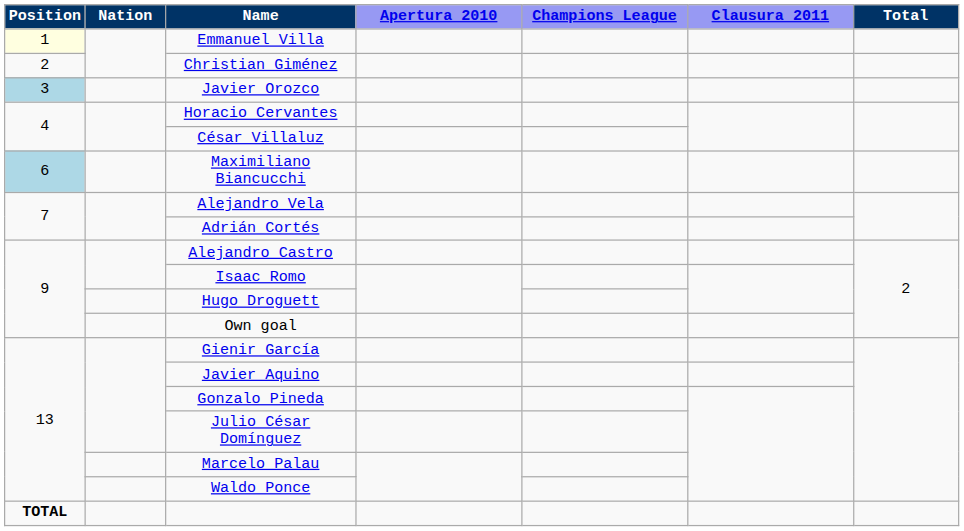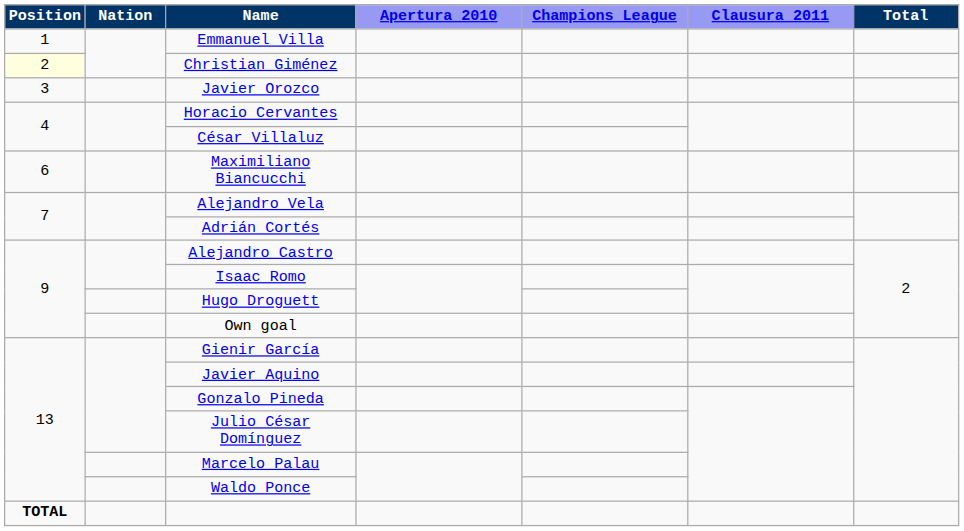 <table class="wikitable" style="font-size: 95%; text-align: center;">
 <tr>
 <th width=60 style="background: #003366;color:white">Position</th>
 <th width=60 style="background: #003366;color:white">Nation</th>
 <th width=150 style="background: #003366;color:white">Name</th>
 <th width=130 style="background: #9799F3;color:white"><a href='#'>Apertura 2010</a> <br> </th>
 <th width=130 style="background: #9799F3;color:white"><a href='#'>Champions League</a> <br> </th>
 <th width=130 style="background: #9799F3;color:white"><a href='#'>Clausura 2011</a> <br> </th>
 <th width=80 style="background: #003366;color:white">Total <br> </th>
 </tr>
 <tr>
-<td style="background: lightyellow;">1</td>
+<td>1</td>
 <td rowspan="2"></td>
 <td><a href='#'>Emmanuel Villa</a></td>
 <td></td>
 <td></td>
 <td></td>
 <td></td>
 </tr>
 <tr>
-<td>2</td>
+<td style="background: lightyellow;">2</td>
 <td><a href='#'>Christian Giménez</a></td>
 <td></td>
 <td></td>
 <td></td>
 <td></td>
 </tr>
 <tr>
-<td style="background: lightblue;">3</td>
+<td>3</td>
 <td></td>
 <td><a href='#'>Javier Orozco</a></td>
 <td></td>
 <td></td>
 <td></td>
 <td></td>
 </tr>
 <tr>
 <td rowspan="2">4</td>
 <td rowspan="2"></td>
 <td><a href='#'>Horacio Cervantes</a></td>
 <td></td>
 <td></td>
 <td rowspan="2"></td>
 <td rowspan="2"></td>
 </tr>
 <tr>
 <td><a href='#'>César Villaluz</a></td>
 <td></td>
 <td></td>
 </tr>
 <tr>
-<td style="background: lightblue;">6</td>
+<td>6</td>
 <td></td>
 <td><a href='#'>Maximiliano Biancucchi</a></td>
 <td></td>
 <td></td>
 <td></td>
 <td></td>
 </tr>
 <tr>
 <td rowspan="2">7</td>
 <td rowspan="2"></td>
 <td><a href='#'>Alejandro Vela</a></td>
 <td></td>
 <td></td>
 <td></td>
 <td rowspan="2"></td>
 </tr>
 <tr>
 <td><a href='#'>Adrián Cortés</a></td>
 <td></td>
 <td></td>
 <td></td>
 </tr>
 <tr>
 <td rowspan="4">9</td>
 <td rowspan="2"></td>
 <td><a href='#'>Alejandro Castro</a></td>
 <td></td>
 <td></td>
 <td></td>
 <td rowspan="4">2</td>
 </tr>
 <tr>
 <td><a href='#'>Isaac Romo</a></td>
 <td rowspan="2"></td>
 <td></td>
 <td rowspan="2"></td>
 </tr>
 <tr>
 <td></td>
 <td><a href='#'>Hugo Droguett</a></td>
 <td></td>
 </tr>
 <tr>
 <td></td>
 <td>Own goal</td>
 <td></td>
 <td></td>
 <td></td>
 </tr>
 <tr>
 <td rowspan="6">13</td>
 <td rowspan="4"></td>
 <td><a href='#'>Gienir García</a></td>
 <td></td>
 <td></td>
 <td></td>
 <td rowspan="6"></td>
 </tr>
 <tr>
 <td><a href='#'>Javier Aquino</a></td>
 <td></td>
 <td></td>
 <td></td>
 </tr>
 <tr>
 <td><a href='#'>Gonzalo Pineda</a></td>
 <td></td>
 <td></td>
 <td rowspan="4"></td>
 </tr>
 <tr>
 <td><a href='#'>Julio César Domínguez</a></td>
 <td></td>
 <td></td>
 </tr>
 <tr>
 <td></td>
 <td><a href='#'>Marcelo Palau</a></td>
 <td rowspan="2"></td>
 <td></td>
 </tr>
 <tr>
 <td></td>
 <td><a href='#'>Waldo Ponce</a></td>
 <td></td>
 </tr>
 <tr>
 <td><strong>TOTAL</strong></td>
 <td></td>
 <td></td>
 <td></td>
 <td></td>
 <td></td>
 <td></td>
 </tr>
 </table>
